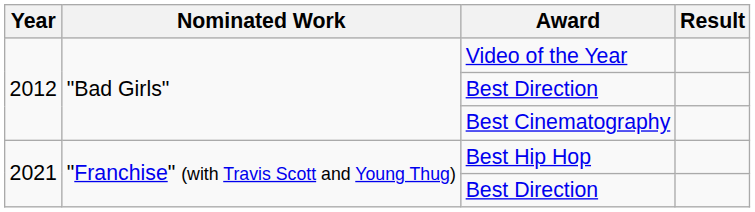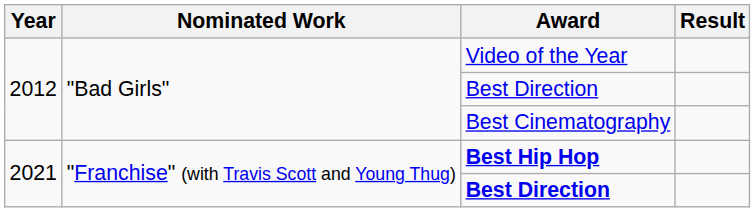 <table class="wikitable">
 <tr>
 <th>Year</th>
 <th>Nominated Work</th>
 <th>Award</th>
 <th>Result</th>
 </tr>
 <tr>
 <td rowspan="3">2012</td>
 <td rowspan="3">"Bad Girls"</td>
 <td><a href='#'>Video of the Year</a></td>
 <td></td>
 </tr>
 <tr>
 <td><a href='#'>Best Direction</a></td>
 <td></td>
 </tr>
 <tr>
 <td><a href='#'>Best Cinematography</a></td>
 <td></td>
 </tr>
 <tr>
 <td rowspan="2">2021</td>
 <td rowspan="2">"<a href='#'>Franchise</a>" <small>(with <a href='#'>Travis Scott</a> and <a href='#'>Young Thug</a>)</small></td>
-<td><a href='#'>Best Hip Hop</a></td>
+<td><strong><a href='#'>Best Hip Hop</a></strong></td>
 <td></td>
 </tr>
 <tr>
-<td><a href='#'>Best Direction</a></td>
+<td><strong><a href='#'>Best Direction</a></strong></td>
 <td></td>
 </tr>
 </table>
